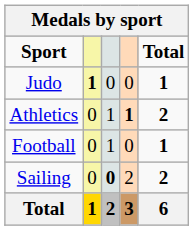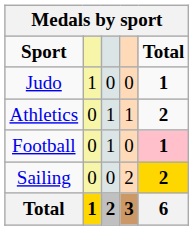 <table class="wikitable" style="font-size:85%; float:right">
 <tr style="background:#efefef;">
 <th colspan=5>Medals by sport</th>
 </tr>
 <tr align=center>
 <td><strong>Sport</strong></td>
 <td bgcolor=#f7f6a8></td>
 <td bgcolor=#dce5e5></td>
 <td bgcolor=#ffdab9></td>
 <td><strong>Total</strong></td>
 </tr>
 <tr align=center>
 <td><a href='#'>Judo</a></td>
-<td style="background:#F7F6A8;"><strong>1</strong></td>
+<td style="background:#F7F6A8;">1</td>
 <td style="background:#DCE5E5;">0</td>
 <td style="background:#FFDAB9;">0</td>
 <td><strong>1</strong></td>
 </tr>
 <tr align=center>
 <td><a href='#'>Athletics</a></td>
 <td style="background:#F7F6A8;">0</td>
 <td style="background:#DCE5E5;">1</td>
-<td style="background:#FFDAB9;"><strong>1</strong></td>
+<td style="background:#FFDAB9;">1</td>
 <td><strong>2</strong></td>
 </tr>
 <tr align=center>
 <td><a href='#'>Football</a></td>
 <td style="background:#F7F6A8;">0</td>
 <td style="background:#DCE5E5;">1</td>
 <td style="background:#FFDAB9;">0</td>
-<td><strong>1</strong></td>
+<td style="background: pink;"><strong>1</strong></td>
 </tr>
 <tr align=center>
 <td><a href='#'>Sailing</a></td>
 <td style="background:#F7F6A8;">0</td>
-<td style="background:#DCE5E5;"><strong>0</strong></td>
+<td style="background:#DCE5E5;">0</td>
 <td style="background:#FFDAB9;">2</td>
-<td><strong>2</strong></td>
+<td style="background: gold;"><strong>2</strong></td>
 </tr>
 <tr align=center>
 <th>Total</th>
 <th style="background:gold;">1</th>
 <th style="background:silver;">2</th>
 <th style="background:#c96;">3</th>
 <th>6</th>
 </tr>
 </table>
